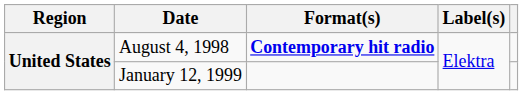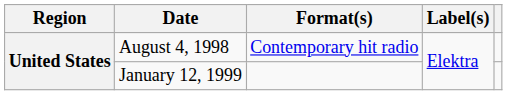 <table class="wikitable plainrowheaders">
 <tr>
 <th scope="col">Region</th>
 <th scope="col">Date</th>
 <th scope="col">Format(s)</th>
 <th scope="col">Label(s)</th>
 <th scope="col"></th>
 </tr>
 <tr>
 <th scope="row" rowspan="2">United States</th>
 <td>August 4, 1998</td>
-<td><strong><a href='#'>Contemporary hit radio</a></strong></td>
+<td><a href='#'>Contemporary hit radio</a></td>
 <td rowspan="2"><a href='#'>Elektra</a></td>
 <td></td>
 </tr>
 <tr>
 <td>January 12, 1999</td>
 <td></td>
 <td></td>
 </tr>
 </table>
